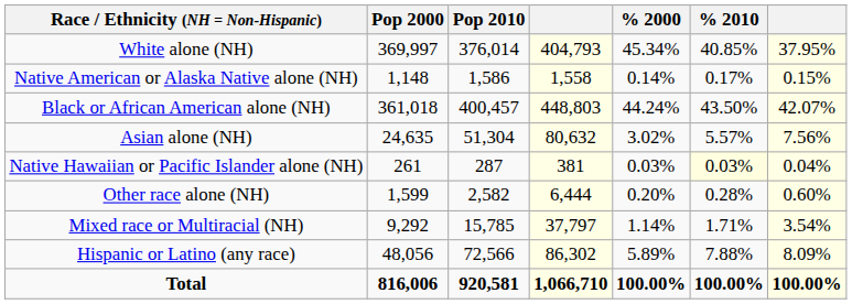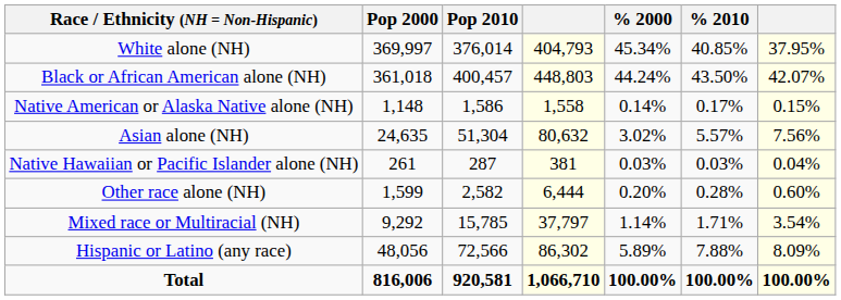 <table class="wikitable" style="text-align:center;">
 <tr>
 <th>Race / Ethnicity <small>(<em>NH = Non-Hispanic</em>)</small></th>
 <th>Pop 2000</th>
 <th>Pop 2010</th>
 <th></th>
 <th>% 2000</th>
 <th>% 2010</th>
 <th></th>
 </tr>
 <tr>
 <td><a href='#'>White</a> alone (NH)</td>
 <td>369,997</td>
 <td>376,014</td>
 <td style='background: #ffffe6;'>404,793</td>
 <td>45.34%</td>
 <td>40.85%</td>
 <td style='background: #ffffe6;'>37.95%</td>
 </tr>
 <tr>
+<td><a href='#'>Black or African American</a> alone (NH)</td>
+<td>361,018</td>
+<td>400,457</td>
+<td style='background: #ffffe6;'>448,803</td>
+<td>44.24%</td>
+<td>43.50%</td>
+<td style='background: #ffffe6;'>42.07%</td>
+</tr>
+<tr>
 <td><a href='#'>Native American</a> or <a href='#'>Alaska Native</a> alone (NH)</td>
 <td>1,148</td>
 <td>1,586</td>
 <td style='background: #ffffe6;'>1,558</td>
 <td>0.14%</td>
 <td>0.17%</td>
 <td style='background: #ffffe6;'>0.15%</td>
-</tr>
-<tr>
-<td><a href='#'>Black or African American</a> alone (NH)</td>
-<td>361,018</td>
-<td>400,457</td>
-<td style='background: #ffffe6;'>448,803</td>
-<td>44.24%</td>
-<td>43.50%</td>
-<td style='background: #ffffe6;'>42.07%</td>
 </tr>
 <tr>
 <td><a href='#'>Asian</a> alone (NH)</td>
 <td>24,635</td>
 <td>51,304</td>
 <td style='background: #ffffe6;'>80,632</td>
 <td>3.02%</td>
 <td>5.57%</td>
 <td style='background: #ffffe6;'>7.56%</td>
 </tr>
 <tr>
 <td><a href='#'>Native Hawaiian</a> or <a href='#'>Pacific Islander</a> alone (NH)</td>
 <td>261</td>
 <td>287</td>
 <td style='background: #ffffe6;'>381</td>
 <td>0.03%</td>
-<td style="background: lightyellow;">0.03%</td>
+<td>0.03%</td>
 <td style='background: #ffffe6;'>0.04%</td>
 </tr>
 <tr>
 <td><a href='#'>Other race</a> alone (NH)</td>
 <td>1,599</td>
 <td>2,582</td>
 <td style='background: #ffffe6;'>6,444</td>
 <td>0.20%</td>
 <td>0.28%</td>
 <td style='background: #ffffe6;'>0.60%</td>
 </tr>
 <tr>
 <td><a href='#'>Mixed race or Multiracial</a> (NH)</td>
 <td>9,292</td>
 <td>15,785</td>
 <td style='background: #ffffe6;'>37,797</td>
 <td>1.14%</td>
 <td>1.71%</td>
 <td style='background: #ffffe6;'>3.54%</td>
 </tr>
 <tr>
 <td><a href='#'>Hispanic or Latino</a> (any race)</td>
 <td>48,056</td>
 <td>72,566</td>
 <td style='background: #ffffe6;'>86,302</td>
 <td>5.89%</td>
 <td>7.88%</td>
 <td style='background: #ffffe6;'>8.09%</td>
 </tr>
 <tr>
 <td><strong>Total</strong></td>
 <td><strong>816,006</strong></td>
 <td><strong>920,581</strong></td>
 <td style='background: #ffffe6;'><strong>1,066,710</strong></td>
 <td><strong>100.00%</strong></td>
 <td><strong>100.00%</strong></td>
 <td style='background: #ffffe6;'><strong>100.00%</strong></td>
 </tr>
 </table>
